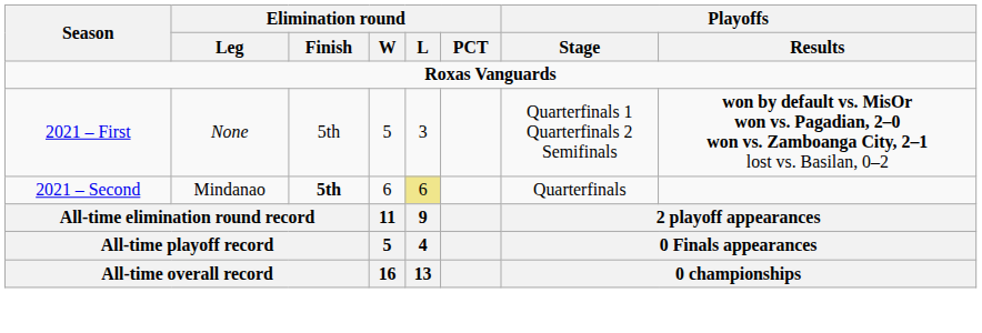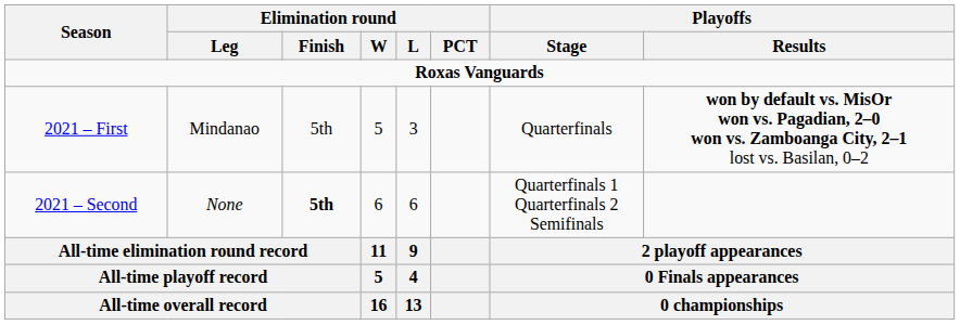 <table class=wikitable style="width:100%; text-align:center">
 <tr>
 <th rowspan=2>Season</th>
 <th colspan=5>Elimination round</th>
 <th colspan=2>Playoffs</th>
 </tr>
 <tr>
 <th>Leg</th>
 <th>Finish</th>
 <th>W</th>
 <th>L</th>
 <th>PCT</th>
 <th>Stage</th>
 <th>Results</th>
 </tr>
 <tr>
 <td colspan=10><span><strong>Roxas Vanguards</strong></span></td>
 </tr>
 <tr>
 <td><a href='#'>2021 – First</a></td>
-<td><em>None</em></td>
+<td>Mindanao</td>
 <td>5th</td>
 <td>5</td>
 <td>3</td>
 <td></td>
-<td>Quarterfinals 1 <br> Quarterfinals 2 <br> Semifinals <br> </td>
+<td>Quarterfinals</td>
 <td><strong>won by default vs. MisOr</strong> <br> <strong>won vs. Pagadian, 2–0</strong> <br> <strong>won vs. Zamboanga City, 2–1</strong> <br> lost vs. Basilan, 0–2</td>
 </tr>
 <tr>
 <td><a href='#'>2021 – Second</a> <br> </td>
-<td>Mindanao</td>
+<td><em>None</em></td>
 <td><strong>5th</strong></td>
 <td>6</td>
-<td style="background: khaki;">6</td>
+<td>6</td>
 <td></td>
-<td>Quarterfinals</td>
+<td>Quarterfinals 1 <br> Quarterfinals 2 <br> Semifinals <br> </td>
 <td></td>
 </tr>
 <tr>
 <th colspan=3>All-time elimination round record</th>
 <th>11</th>
 <th>9</th>
 <th></th>
 <th colspan=2>2 playoff appearances</th>
 </tr>
 <tr>
 <th colspan=3>All-time playoff record</th>
 <th>5</th>
 <th>4</th>
 <th></th>
 <th colspan=2>0 Finals appearances</th>
 </tr>
 <tr>
 <th colspan=3>All-time overall record</th>
 <th>16</th>
 <th>13</th>
 <th></th>
 <th colspan=2>0 championships</th>
 </tr>
 </table>
